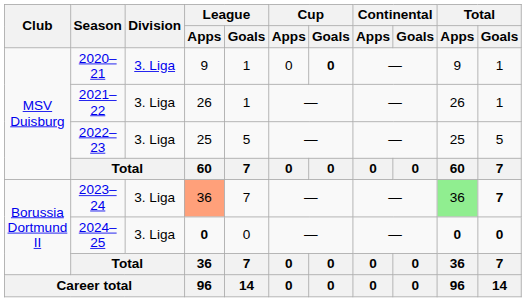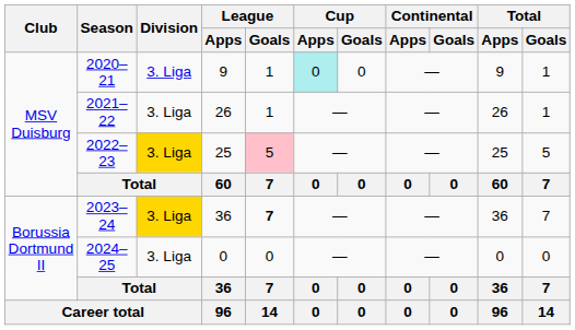 <table class="wikitable" style="text-align:center">
 <tr>
 <th rowspan="2">Club</th>
 <th rowspan="2">Season</th>
 <th rowspan="2">Division</th>
 <th colspan="2">League</th>
 <th colspan="2">Cup</th>
 <th colspan="2">Continental</th>
 <th colspan="2">Total</th>
 </tr>
 <tr>
 <th>Apps</th>
 <th>Goals</th>
 <th>Apps</th>
 <th>Goals</th>
 <th>Apps</th>
 <th>Goals</th>
 <th>Apps</th>
 <th>Goals</th>
 </tr>
 <tr>
 <td rowspan="4"><a href='#'>MSV Duisburg</a></td>
 <td><a href='#'>2020–21</a></td>
 <td><a href='#'>3. Liga</a></td>
 <td>9</td>
 <td>1</td>
+<td style="background: paleturquoise;">0</td>
 <td>0</td>
-<td><strong>0</strong></td>
 <td colspan="2">—</td>
 <td>9</td>
 <td>1</td>
 </tr>
 <tr>
 <td><a href='#'>2021–22</a></td>
 <td>3. Liga</td>
 <td>26</td>
 <td>1</td>
 <td colspan="2">—</td>
 <td colspan="2">—</td>
 <td>26</td>
 <td>1</td>
 </tr>
 <tr>
 <td><a href='#'>2022–23</a></td>
-<td>3. Liga</td>
+<td style="background: gold;">3. Liga</td>
 <td>25</td>
-<td>5</td>
+<td style="background: pink;">5</td>
 <td colspan="2">—</td>
 <td colspan="2">—</td>
 <td>25</td>
 <td>5</td>
 </tr>
 <tr>
 <th colspan="2">Total</th>
 <th>60</th>
 <th>7</th>
 <th>0</th>
 <th>0</th>
 <th>0</th>
 <th>0</th>
 <th>60</th>
 <th>7</th>
 </tr>
 <tr>
 <td rowspan="3"><a href='#'>Borussia Dortmund II</a></td>
 <td><a href='#'>2023–24</a></td>
-<td>3. Liga</td>
-<td style="background: lightsalmon;">36</td>
-<td>7</td>
+<td style="background: gold;">3. Liga</td>
+<td>36</td>
+<td><strong>7</strong></td>
 <td colspan="2">—</td>
 <td colspan="2">—</td>
-<td style="background: lightgreen;">36</td>
-<td><strong>7</strong></td>
+<td>36</td>
+<td>7</td>
 </tr>
 <tr>
 <td><a href='#'>2024–25</a></td>
 <td>3. Liga</td>
-<td><strong>0</strong></td>
+<td>0</td>
 <td>0</td>
 <td colspan="2">—</td>
 <td colspan="2">—</td>
-<td><strong>0</strong></td>
-<td><strong>0</strong></td>
+<td>0</td>
+<td>0</td>
 </tr>
 <tr>
 <th colspan="2">Total</th>
 <th>36</th>
 <th>7</th>
 <th>0</th>
 <th>0</th>
 <th>0</th>
 <th>0</th>
 <th>36</th>
 <th>7</th>
 </tr>
 <tr>
 <th colspan="3">Career total</th>
 <th>96</th>
 <th>14</th>
 <th>0</th>
 <th>0</th>
 <th>0</th>
 <th>0</th>
 <th>96</th>
 <th>14</th>
 </tr>
 </table>
